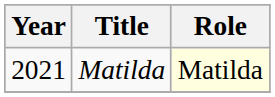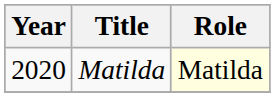 <table class="wikitable">
 <tr>
 <th>Year</th>
 <th>Title</th>
 <th>Role</th>
 </tr>
 <tr>
-<td>2021</td>
+<td>2020</td>
 <td><em>Matilda</em></td>
 <td style="background: lightyellow;">Matilda</td>
 </tr>
 <tr>
 </tr>
 </table>
